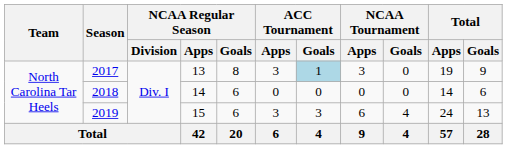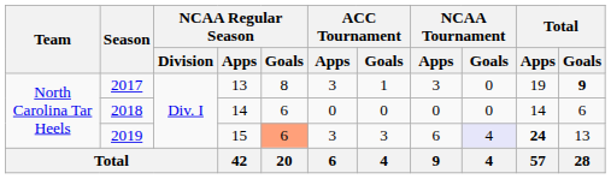 <table class="wikitable" style="text-align:center">
 <tr>
 <th rowspan="2">Team</th>
 <th rowspan="2">Season</th>
 <th colspan="3">NCAA Regular Season</th>
 <th colspan="2">ACC Tournament</th>
 <th colspan="2">NCAA Tournament</th>
 <th colspan="2">Total</th>
 </tr>
 <tr>
 <th>Division</th>
 <th>Apps</th>
 <th>Goals</th>
 <th>Apps</th>
 <th>Goals</th>
 <th>Apps</th>
 <th>Goals</th>
 <th>Apps</th>
 <th>Goals</th>
 </tr>
 <tr>
 <td rowspan="3"><a href='#'>North Carolina Tar Heels</a></td>
 <td><a href='#'>2017</a></td>
 <td rowspan="3"><a href='#'>Div. I</a></td>
 <td>13</td>
 <td>8</td>
 <td>3</td>
-<td style="background: lightblue;">1</td>
+<td>1</td>
 <td>3</td>
 <td>0</td>
 <td>19</td>
-<td>9</td>
+<td><strong>9</strong></td>
 </tr>
 <tr>
 <td><a href='#'>2018</a></td>
 <td>14</td>
 <td>6</td>
 <td>0</td>
 <td>0</td>
 <td>0</td>
 <td>0</td>
 <td>14</td>
 <td>6</td>
 </tr>
 <tr>
 <td><a href='#'>2019</a></td>
 <td>15</td>
-<td>6</td>
+<td style="background: lightsalmon;">6</td>
 <td>3</td>
 <td>3</td>
 <td>6</td>
-<td>4</td>
-<td>24</td>
+<td style="background: lavender;">4</td>
+<td><strong>24</strong></td>
 <td>13</td>
 </tr>
 <tr>
 <th colspan="3">Total</th>
 <th>42</th>
 <th>20</th>
 <th>6</th>
 <th>4</th>
 <th>9</th>
 <th>4</th>
 <th>57</th>
 <th>28</th>
 </tr>
 </table>
